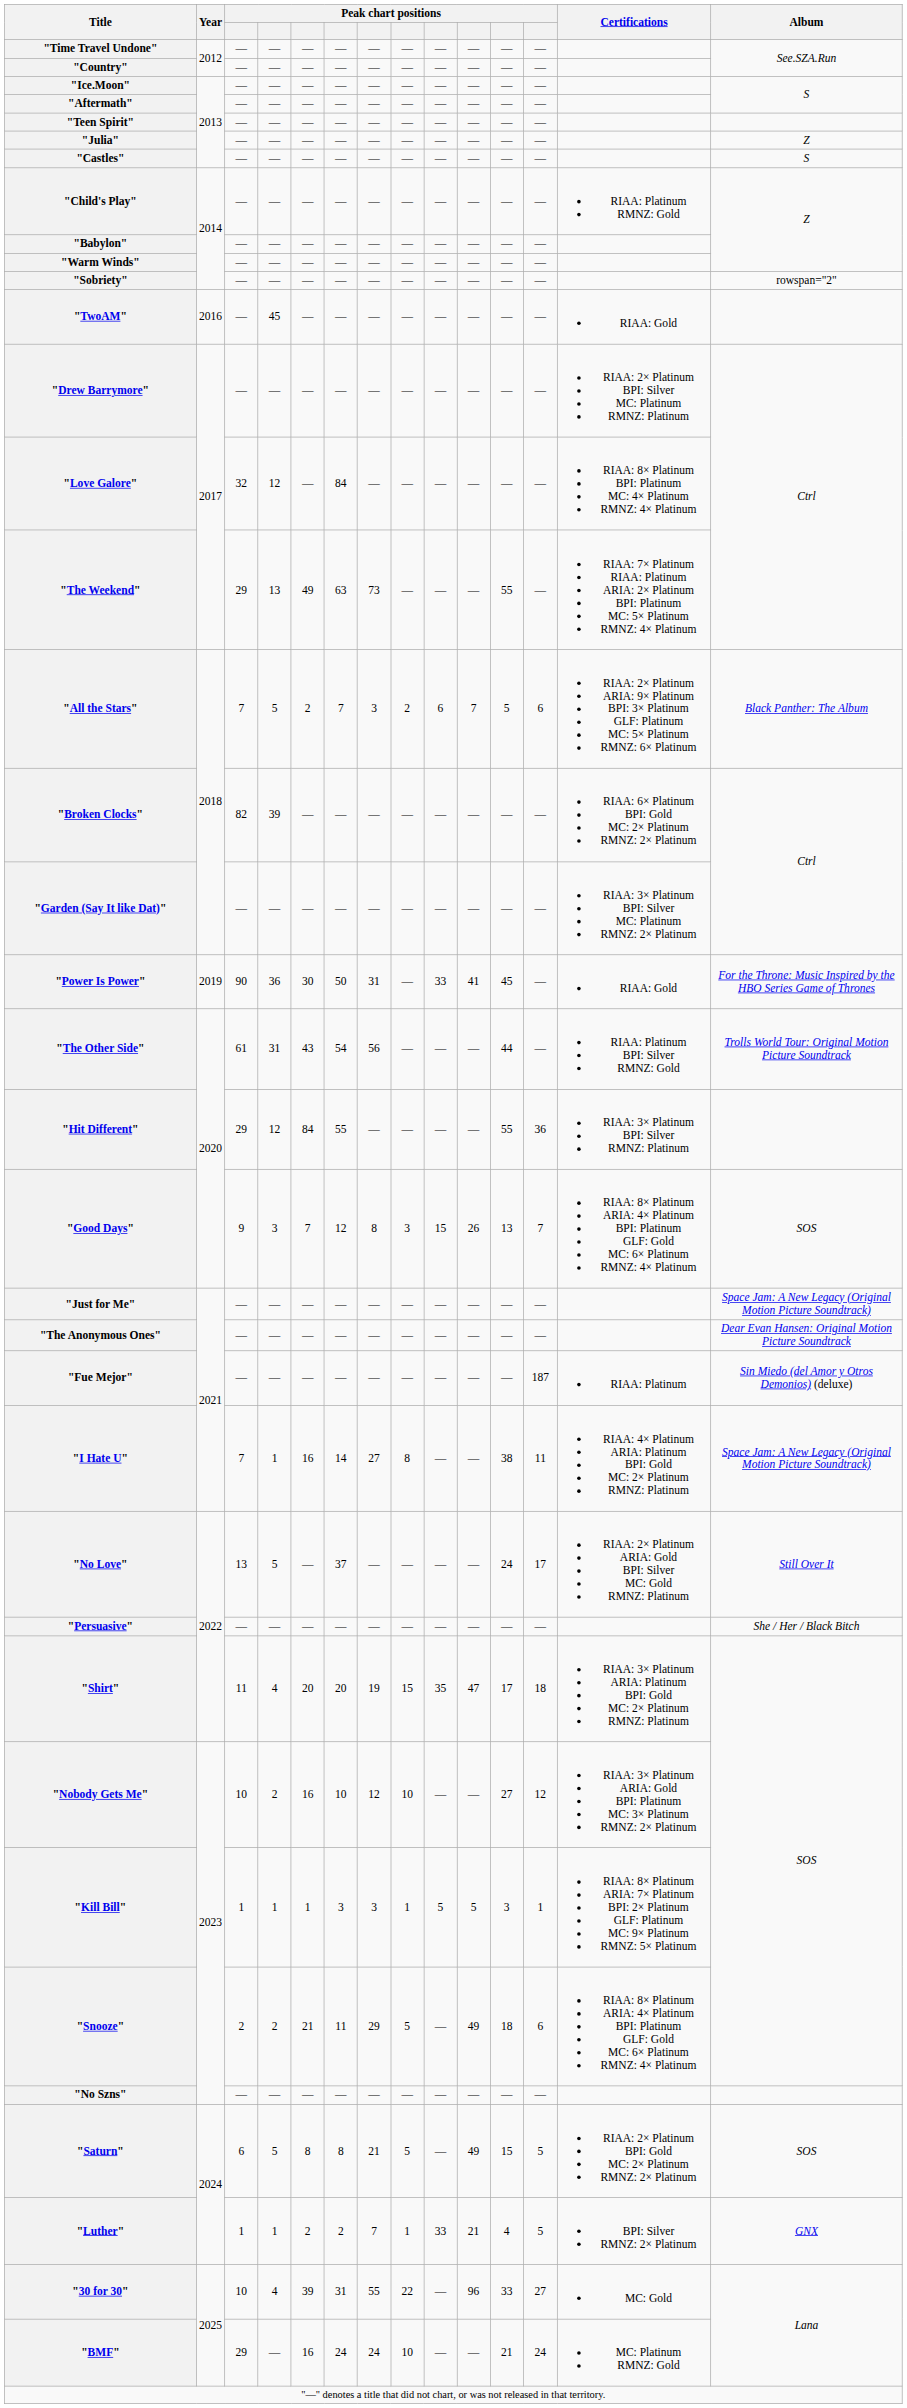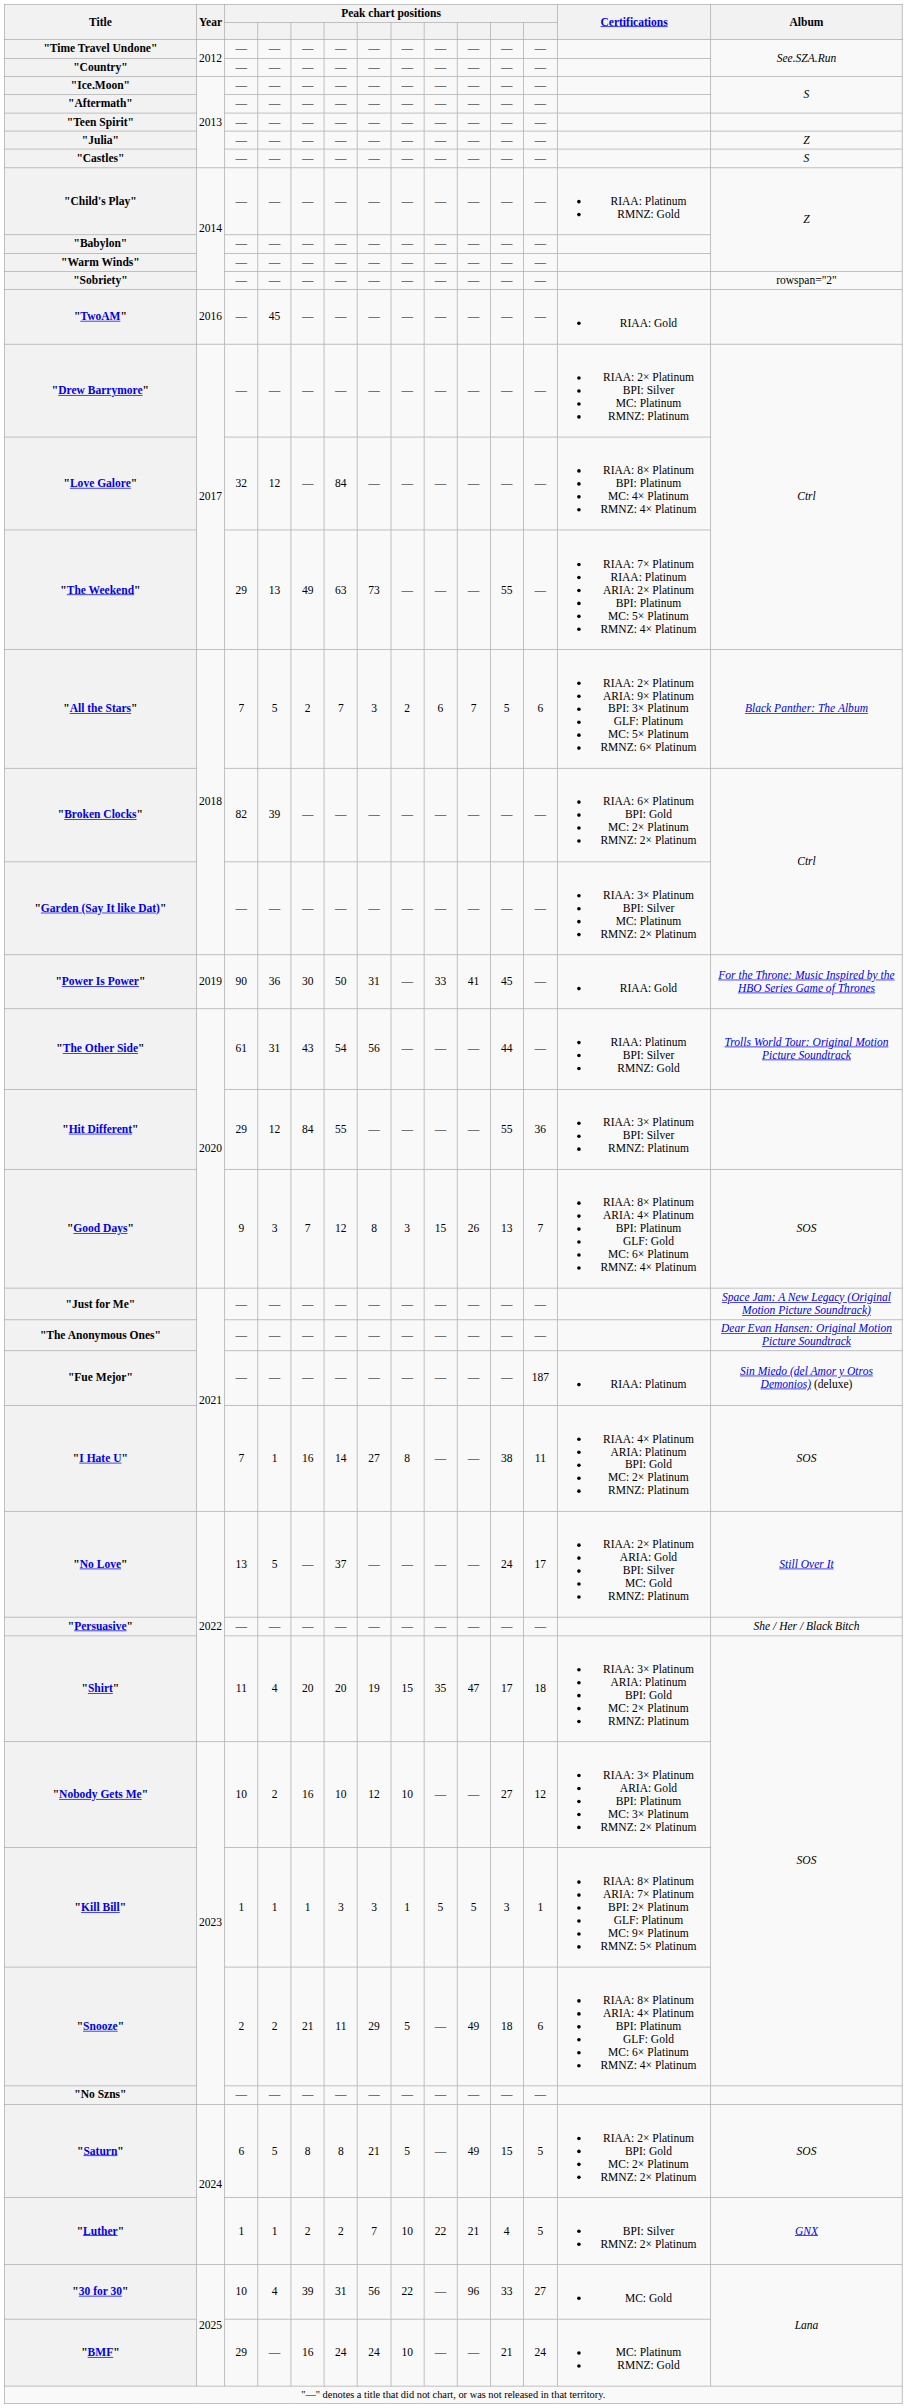 <table class="wikitable plainrowheaders" style="text-align:center;">
 <tr>
 <th scope="col" rowspan="2" style="width:18em;">Title</th>
 <th scope="col" rowspan="2" style="width:1em;">Year</th>
 <th scope="col" colspan="10">Peak chart positions</th>
 <th scope="col" rowspan="2" style="width:14em;"><a href='#'>Certifications</a></th>
 <th scope="col" rowspan="2" style="width:18em;">Album</th>
 </tr>
 <tr>
 <th scope="col" style="width:3em;font-size:90%;"><a href='#'></a><br></th>
 <th scope="col" style="width:3em;font-size:90%;"><a href='#'></a><br></th>
 <th scope="col" style="width:3em;font-size:90%;"><a href='#'></a><br></th>
 <th scope="col" style="width:3em;font-size:90%;"><a href='#'></a><br></th>
 <th scope="col" style="width:3em;font-size:90%;"><a href='#'></a><br></th>
 <th scope="col" style="width:3em;font-size:90%;"><a href='#'></a><br></th>
 <th scope="col" style="width:3em;font-size:90%;"><a href='#'></a><br></th>
 <th scope="col" style="width:3em;font-size:90%;"><a href='#'></a><br></th>
 <th scope="col" style="width:3em;font-size:90%;"><a href='#'></a><br></th>
 <th scope="col" style="width:3em;font-size:90%;"><a href='#'></a><br></th>
 </tr>
 <tr>
 <th scope="row">"Time Travel Undone"</th>
 <td rowspan="2">2012</td>
 <td>—</td>
 <td>—</td>
 <td>—</td>
 <td>—</td>
 <td>—</td>
 <td>—</td>
 <td>—</td>
 <td>—</td>
 <td>—</td>
 <td>—</td>
 <td></td>
 <td rowspan="2"><em>See.SZA.Run</em></td>
 </tr>
 <tr>
 <th scope="row">"Country"</th>
 <td>—</td>
 <td>—</td>
 <td>—</td>
 <td>—</td>
 <td>—</td>
 <td>—</td>
 <td>—</td>
 <td>—</td>
 <td>—</td>
 <td>—</td>
 <td></td>
 </tr>
 <tr>
 <th scope="row">"Ice.Moon"</th>
 <td rowspan="5">2013</td>
 <td>—</td>
 <td>—</td>
 <td>—</td>
 <td>—</td>
 <td>—</td>
 <td>—</td>
 <td>—</td>
 <td>—</td>
 <td>—</td>
 <td>—</td>
 <td></td>
 <td rowspan="2"><em>S</em></td>
 </tr>
 <tr>
 <th scope="row">"Aftermath"</th>
 <td>—</td>
 <td>—</td>
 <td>—</td>
 <td>—</td>
 <td>—</td>
 <td>—</td>
 <td>—</td>
 <td>—</td>
 <td>—</td>
 <td>—</td>
 <td></td>
 </tr>
 <tr>
 <th scope="row">"Teen Spirit"</th>
 <td>—</td>
 <td>—</td>
 <td>—</td>
 <td>—</td>
 <td>—</td>
 <td>—</td>
 <td>—</td>
 <td>—</td>
 <td>—</td>
 <td>—</td>
 <td></td>
 <td></td>
 </tr>
 <tr>
 <th scope="row">"Julia"</th>
 <td>—</td>
 <td>—</td>
 <td>—</td>
 <td>—</td>
 <td>—</td>
 <td>—</td>
 <td>—</td>
 <td>—</td>
 <td>—</td>
 <td>—</td>
 <td></td>
 <td><em>Z</em></td>
 </tr>
 <tr>
 <th scope="row">"Castles"</th>
 <td>—</td>
 <td>—</td>
 <td>—</td>
 <td>—</td>
 <td>—</td>
 <td>—</td>
 <td>—</td>
 <td>—</td>
 <td>—</td>
 <td>—</td>
 <td></td>
 <td><em>S</em></td>
 </tr>
 <tr>
 <th scope="row">"Child's Play"<br></th>
 <td rowspan="4">2014</td>
 <td>—</td>
 <td>—</td>
 <td>—</td>
 <td>—</td>
 <td>—</td>
 <td>—</td>
 <td>—</td>
 <td>—</td>
 <td>—</td>
 <td>—</td>
 <td><br><ul><li>RIAA: Platinum</li><li>RMNZ: Gold</li></ul></td>
 <td rowspan="3"><em>Z</em></td>
 </tr>
 <tr>
 <th scope="row">"Babylon"<br></th>
 <td>—</td>
 <td>—</td>
 <td>—</td>
 <td>—</td>
 <td>—</td>
 <td>—</td>
 <td>—</td>
 <td>—</td>
 <td>—</td>
 <td>—</td>
 <td></td>
 </tr>
 <tr>
 <th scope="row">"Warm Winds" <br></th>
 <td>—</td>
 <td>—</td>
 <td>—</td>
 <td>—</td>
 <td>—</td>
 <td>—</td>
 <td>—</td>
 <td>—</td>
 <td>—</td>
 <td>—</td>
 <td></td>
 </tr>
 <tr>
 <th scope="row">"Sobriety"</th>
 <td>—</td>
 <td>—</td>
 <td>—</td>
 <td>—</td>
 <td>—</td>
 <td>—</td>
 <td>—</td>
 <td>—</td>
 <td>—</td>
 <td>—</td>
 <td></td>
 <td>rowspan="2" </td>
 </tr>
 <tr>
 <th scope="row">"<a href='#'>TwoAM</a>"</th>
 <td>2016</td>
 <td>—</td>
 <td>45</td>
 <td>—</td>
 <td>—</td>
 <td>—</td>
 <td>—</td>
 <td>—</td>
 <td>—</td>
 <td>—</td>
 <td>—</td>
 <td><br><ul><li>RIAA: Gold</li></ul></td>
 </tr>
 <tr>
 <th scope="row">"<a href='#'>Drew Barrymore</a>"</th>
 <td rowspan="3">2017</td>
 <td>—</td>
 <td>—</td>
 <td>—</td>
 <td>—</td>
 <td>—</td>
 <td>—</td>
 <td>—</td>
 <td>—</td>
 <td>—</td>
 <td>—</td>
 <td><br><ul><li>RIAA: 2× Platinum</li><li>BPI: Silver</li><li>MC: Platinum</li><li>RMNZ: Platinum</li></ul></td>
 <td rowspan="3"><em>Ctrl</em></td>
 </tr>
 <tr>
 <th scope="row">"<a href='#'>Love Galore</a>"<br></th>
 <td>32</td>
 <td>12</td>
 <td>—</td>
 <td>84</td>
 <td>—</td>
 <td>—</td>
 <td>—</td>
 <td>—</td>
 <td>—</td>
 <td>—</td>
 <td><br><ul><li>RIAA: 8× Platinum</li><li>BPI: Platinum</li><li>MC: 4× Platinum</li><li>RMNZ: 4× Platinum</li></ul></td>
 </tr>
 <tr>
 <th scope="row">"<a href='#'>The Weekend</a>"<br></th>
 <td>29</td>
 <td>13</td>
 <td>49</td>
 <td>63</td>
 <td>73</td>
 <td>—</td>
 <td>—</td>
 <td>—</td>
 <td>55</td>
 <td>—</td>
 <td><br><ul><li>RIAA: 7× Platinum</li><li>RIAA: Platinum </li><li>ARIA: 2× Platinum</li><li>BPI: Platinum</li><li>MC: 5× Platinum</li><li>RMNZ: 4× Platinum</li></ul></td>
 </tr>
 <tr>
 <th scope="row">"<a href='#'>All the Stars</a>"<br></th>
 <td rowspan="3">2018</td>
 <td>7</td>
 <td>5</td>
 <td>2</td>
 <td>7</td>
 <td>3</td>
 <td>2</td>
 <td>6<br></td>
 <td>7<br></td>
 <td>5</td>
 <td>6</td>
 <td><br><ul><li>RIAA: 2× Platinum</li><li>ARIA: 9× Platinum</li><li>BPI: 3× Platinum</li><li>GLF: Platinum</li><li>MC: 5× Platinum</li><li>RMNZ: 6× Platinum</li></ul></td>
 <td><em><a href='#'>Black Panther: The Album</a></em></td>
 </tr>
 <tr>
 <th scope="row">"<a href='#'>Broken Clocks</a>"</th>
 <td>82</td>
 <td>39</td>
 <td>—</td>
 <td>—</td>
 <td>—</td>
 <td>—</td>
 <td>—</td>
 <td>—</td>
 <td>—</td>
 <td>—</td>
 <td><br><ul><li>RIAA: 6× Platinum</li><li>BPI: Gold</li><li>MC: 2× Platinum</li><li>RMNZ: 2× Platinum</li></ul></td>
 <td rowspan="2"><em>Ctrl</em></td>
 </tr>
 <tr>
 <th scope="row">"<a href='#'>Garden (Say It like Dat)</a>"</th>
 <td>—</td>
 <td>—</td>
 <td>—</td>
 <td>—</td>
 <td>—</td>
 <td>—</td>
 <td>—</td>
 <td>—</td>
 <td>—</td>
 <td>—</td>
 <td><br><ul><li>RIAA: 3× Platinum</li><li>BPI: Silver</li><li>MC: Platinum</li><li>RMNZ: 2× Platinum</li></ul></td>
 </tr>
 <tr>
 <th scope="row">"<a href='#'>Power Is Power</a>"<br></th>
 <td>2019</td>
 <td>90</td>
 <td>36</td>
 <td>30</td>
 <td>50</td>
 <td>31</td>
 <td>—</td>
 <td>33</td>
 <td>41</td>
 <td>45</td>
 <td>—</td>
 <td><br><ul><li>RIAA: Gold</li></ul></td>
 <td><em><a href='#'>For the Throne: Music Inspired by the HBO Series Game of Thrones</a></em></td>
 </tr>
 <tr>
 <th scope="row">"<a href='#'>The Other Side</a>"<br></th>
 <td rowspan="3">2020</td>
 <td>61</td>
 <td>31</td>
 <td>43</td>
 <td>54</td>
 <td>56</td>
 <td>—</td>
 <td>—</td>
 <td>—</td>
 <td>44</td>
 <td>—</td>
 <td><br><ul><li>RIAA: Platinum</li><li>BPI: Silver</li><li>RMNZ: Gold</li></ul></td>
 <td><em><a href='#'>Trolls World Tour: Original Motion Picture Soundtrack</a></em></td>
 </tr>
 <tr>
 <th scope="row">"<a href='#'>Hit Different</a>"<br></th>
 <td>29</td>
 <td>12</td>
 <td>84</td>
 <td>55</td>
 <td>—</td>
 <td>—</td>
 <td>—</td>
 <td>—</td>
 <td>55</td>
 <td>36</td>
 <td><br><ul><li>RIAA: 3× Platinum</li><li>BPI: Silver</li><li>RMNZ: Platinum</li></ul></td>
 <td></td>
 </tr>
 <tr>
 <th scope="row">"<a href='#'>Good Days</a>"</th>
 <td>9</td>
 <td>3</td>
 <td>7</td>
 <td>12</td>
 <td>8</td>
 <td>3</td>
 <td>15</td>
 <td>26</td>
 <td>13</td>
 <td>7</td>
 <td><br><ul><li>RIAA: 8× Platinum</li><li>ARIA: 4× Platinum</li><li>BPI: Platinum</li><li>GLF: Gold</li><li>MC: 6× Platinum</li><li>RMNZ: 4× Platinum</li></ul></td>
 <td><em>SOS</em></td>
 </tr>
 <tr>
 <th scope="row">"Just for Me"<br></th>
 <td rowspan="4">2021</td>
 <td>—</td>
 <td>—</td>
 <td>—</td>
 <td>—</td>
 <td>—</td>
 <td>—</td>
 <td>—</td>
 <td>—</td>
 <td>—</td>
 <td>—</td>
 <td></td>
 <td><em><a href='#'>Space Jam: A New Legacy (Original Motion Picture Soundtrack)</a></em></td>
 </tr>
 <tr>
 <th scope="row">"The Anonymous Ones"</th>
 <td>—</td>
 <td>—</td>
 <td>—</td>
 <td>—</td>
 <td>—</td>
 <td>—</td>
 <td>—</td>
 <td>—</td>
 <td>—</td>
 <td>—</td>
 <td></td>
 <td><em><a href='#'>Dear Evan Hansen: Original Motion Picture Soundtrack</a></em></td>
 </tr>
 <tr>
 <th scope="row">"Fue Mejor"<br></th>
 <td>—</td>
 <td>—</td>
 <td>—</td>
 <td>—</td>
 <td>—</td>
 <td>—</td>
 <td>—</td>
 <td>—</td>
 <td>—</td>
 <td>187</td>
 <td><br><ul><li>RIAA: Platinum</li></ul></td>
 <td><em><a href='#'>Sin Miedo (del Amor y Otros Demonios)</a></em> (deluxe)</td>
 </tr>
 <tr>
 <th scope="row">"<a href='#'>I Hate U</a>"</th>
 <td>7</td>
 <td>1</td>
 <td>16</td>
 <td>14</td>
 <td>27</td>
 <td>8</td>
 <td>—</td>
 <td>—</td>
 <td>38</td>
 <td>11</td>
 <td><br><ul><li>RIAA: 4× Platinum</li><li>ARIA: Platinum</li><li>BPI: Gold</li><li>MC: 2× Platinum</li><li>RMNZ: Platinum</li></ul></td>
-<td><em><a href='#'>Space Jam: A New Legacy (Original Motion Picture Soundtrack)</a></em></td>
+<td><em>SOS</em></td>
 </tr>
 <tr>
 <th scope="row">"<a href='#'>No Love</a>"<br></th>
 <td rowspan="3">2022</td>
 <td>13</td>
 <td>5</td>
 <td>—</td>
 <td>37</td>
 <td>—</td>
 <td>—</td>
 <td>—</td>
 <td>—</td>
 <td>24</td>
 <td>17</td>
 <td><br><ul><li>RIAA: 2× Platinum</li><li>ARIA: Gold</li><li>BPI: Silver</li><li>MC: Gold</li><li>RMNZ: Platinum</li></ul></td>
 <td><em><a href='#'>Still Over It</a></em></td>
 </tr>
 <tr>
 <th scope="row">"<a href='#'>Persuasive</a>"<br></th>
 <td>—</td>
 <td>—</td>
 <td>—</td>
 <td>—</td>
 <td>—</td>
 <td>—</td>
 <td>—</td>
 <td>—</td>
 <td>—</td>
 <td>—</td>
 <td></td>
 <td><em>She / Her / Black Bitch</em></td>
 </tr>
 <tr>
 <th scope="row">"<a href='#'>Shirt</a>"</th>
 <td>11</td>
 <td>4</td>
 <td>20</td>
 <td>20</td>
 <td>19</td>
 <td>15</td>
 <td>35</td>
 <td>47</td>
 <td>17</td>
 <td>18</td>
 <td><br><ul><li>RIAA: 3× Platinum</li><li>ARIA: Platinum</li><li>BPI: Gold</li><li>MC: 2× Platinum</li><li>RMNZ: Platinum</li></ul></td>
 <td rowspan="4"><em>SOS</em></td>
 </tr>
 <tr>
 <th scope="row">"<a href='#'>Nobody Gets Me</a>"</th>
 <td rowspan="4">2023</td>
 <td>10</td>
 <td>2</td>
 <td>16</td>
 <td>10</td>
 <td>12</td>
 <td>10</td>
 <td>—</td>
 <td>—</td>
 <td>27</td>
 <td>12</td>
 <td><br><ul><li>RIAA: 3× Platinum</li><li>ARIA: Gold</li><li>BPI: Platinum</li><li>MC: 3× Platinum</li><li>RMNZ: 2× Platinum</li></ul></td>
 </tr>
 <tr>
 <th scope="row">"<a href='#'>Kill Bill</a>"</th>
 <td>1</td>
 <td>1</td>
 <td>1</td>
 <td>3</td>
 <td>3</td>
 <td>1</td>
 <td>5</td>
 <td>5</td>
 <td>3</td>
 <td>1</td>
 <td><br><ul><li>RIAA: 8× Platinum</li><li>ARIA: 7× Platinum</li><li>BPI: 2× Platinum</li><li>GLF: Platinum</li><li>MC: 9× Platinum</li><li>RMNZ: 5× Platinum</li></ul></td>
 </tr>
 <tr>
 <th scope="row">"<a href='#'>Snooze</a>"<br></th>
 <td>2</td>
 <td>2</td>
 <td>21</td>
 <td>11</td>
 <td>29</td>
 <td>5</td>
 <td>—</td>
 <td>49</td>
 <td>18</td>
 <td>6</td>
 <td><br><ul><li>RIAA: 8× Platinum</li><li>ARIA: 4× Platinum</li><li>BPI: Platinum</li><li>GLF: Gold</li><li>MC: 6× Platinum</li><li>RMNZ: 4× Platinum</li></ul></td>
 </tr>
 <tr>
 <th scope="row">"No Szns"<br></th>
 <td>—</td>
 <td>—</td>
 <td>—</td>
 <td>—</td>
 <td>—</td>
 <td>—</td>
 <td>—</td>
 <td>—</td>
 <td>—</td>
 <td>—</td>
 <td></td>
 <td></td>
 </tr>
 <tr>
 <th scope="row">"<a href='#'>Saturn</a>"</th>
 <td rowspan="2">2024</td>
 <td>6</td>
 <td>5</td>
 <td>8</td>
 <td>8</td>
 <td>21</td>
 <td>5</td>
 <td>—</td>
 <td>49</td>
 <td>15</td>
 <td>5</td>
 <td><br><ul><li>RIAA: 2× Platinum</li><li>BPI: Gold</li><li>MC: 2× Platinum</li><li>RMNZ: 2× Platinum</li></ul></td>
 <td><em>SOS</em></td>
 </tr>
 <tr>
 <th scope="row">"<a href='#'>Luther</a>"<br></th>
 <td>1</td>
 <td>1</td>
 <td>2</td>
 <td>2</td>
 <td>7</td>
-<td>1</td>
-<td>33</td>
+<td>10</td>
+<td>22<br></td>
 <td>21</td>
 <td>4</td>
 <td>5</td>
 <td><br><ul><li>BPI: Silver</li><li>RMNZ: 2× Platinum</li></ul></td>
 <td><em><a href='#'>GNX</a></em></td>
 </tr>
 <tr>
 <th scope="row">"<a href='#'>30 for 30</a>"<br></th>
 <td rowspan="2">2025</td>
 <td>10</td>
 <td>4</td>
 <td>39<br></td>
 <td>31</td>
-<td>55<br></td>
+<td>56</td>
 <td>22<br></td>
 <td>—</td>
 <td>96<br></td>
 <td>33</td>
 <td>27</td>
 <td><br><ul><li>MC: Gold</li></ul></td>
 <td rowspan="2"><em>Lana</em></td>
 </tr>
 <tr>
 <th scope="row">"<a href='#'>BMF</a>"</th>
 <td>29</td>
 <td>—</td>
 <td>16</td>
 <td>24</td>
 <td>24</td>
 <td>10</td>
 <td>—</td>
 <td>—</td>
 <td>21</td>
 <td>24</td>
 <td><br><ul><li>MC: Platinum</li><li>RMNZ: Gold</li></ul></td>
 </tr>
 <tr>
 <td colspan="14" style="font-size:90%">"—" denotes a title that did not chart, or was not released in that territory.</td>
 </tr>
 </table>
